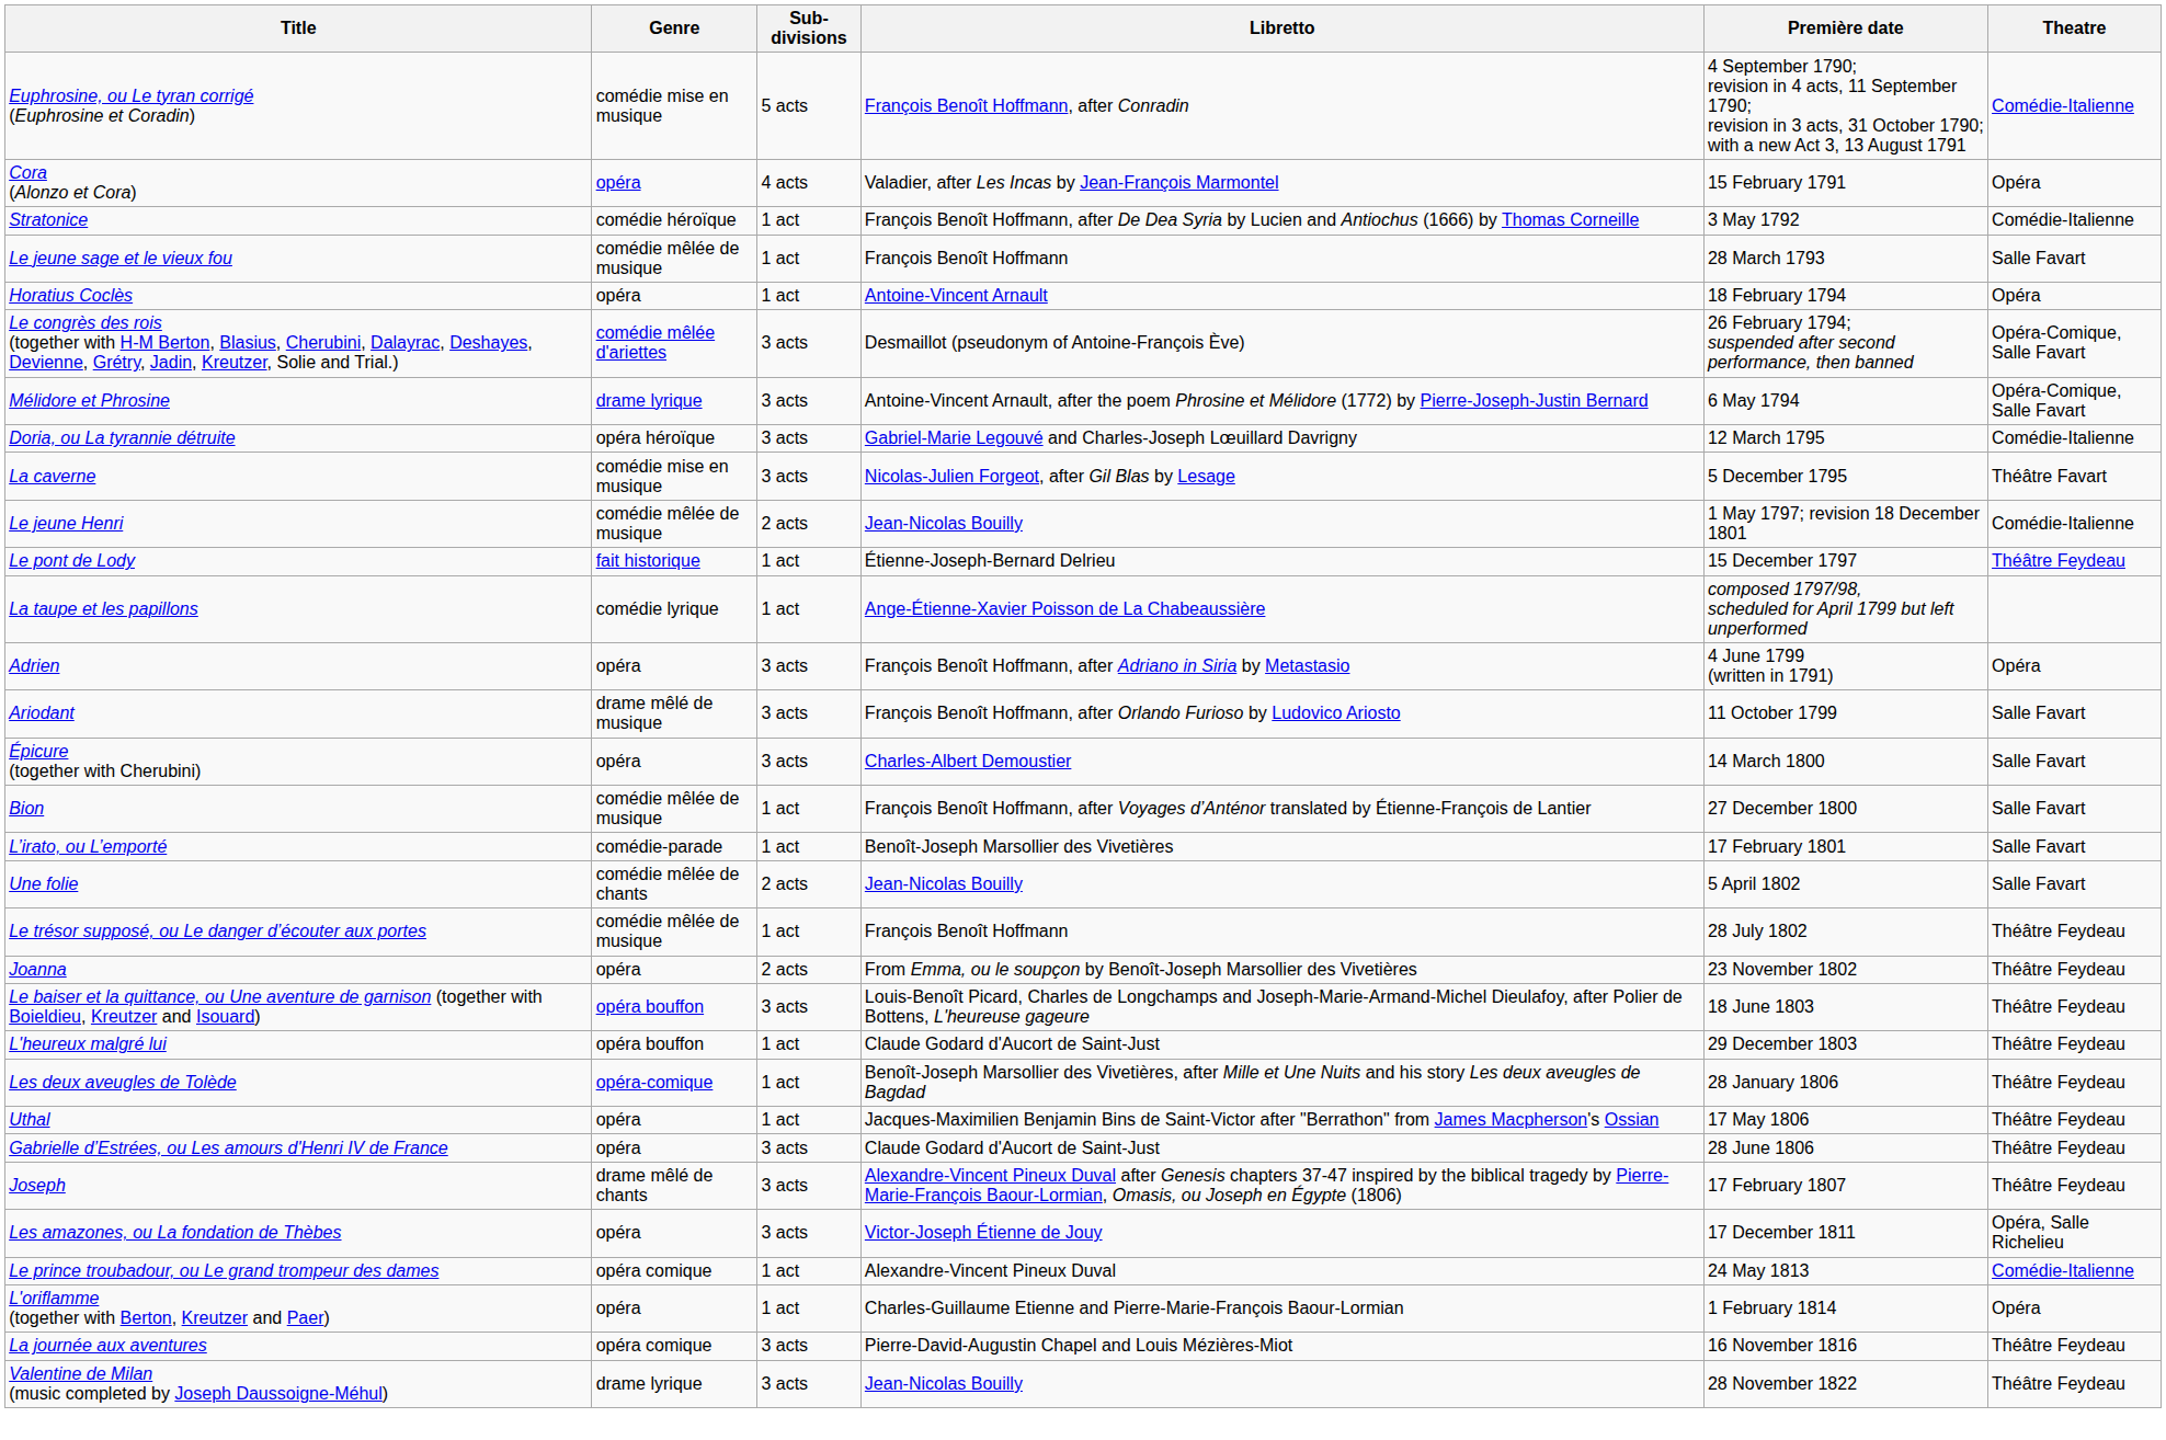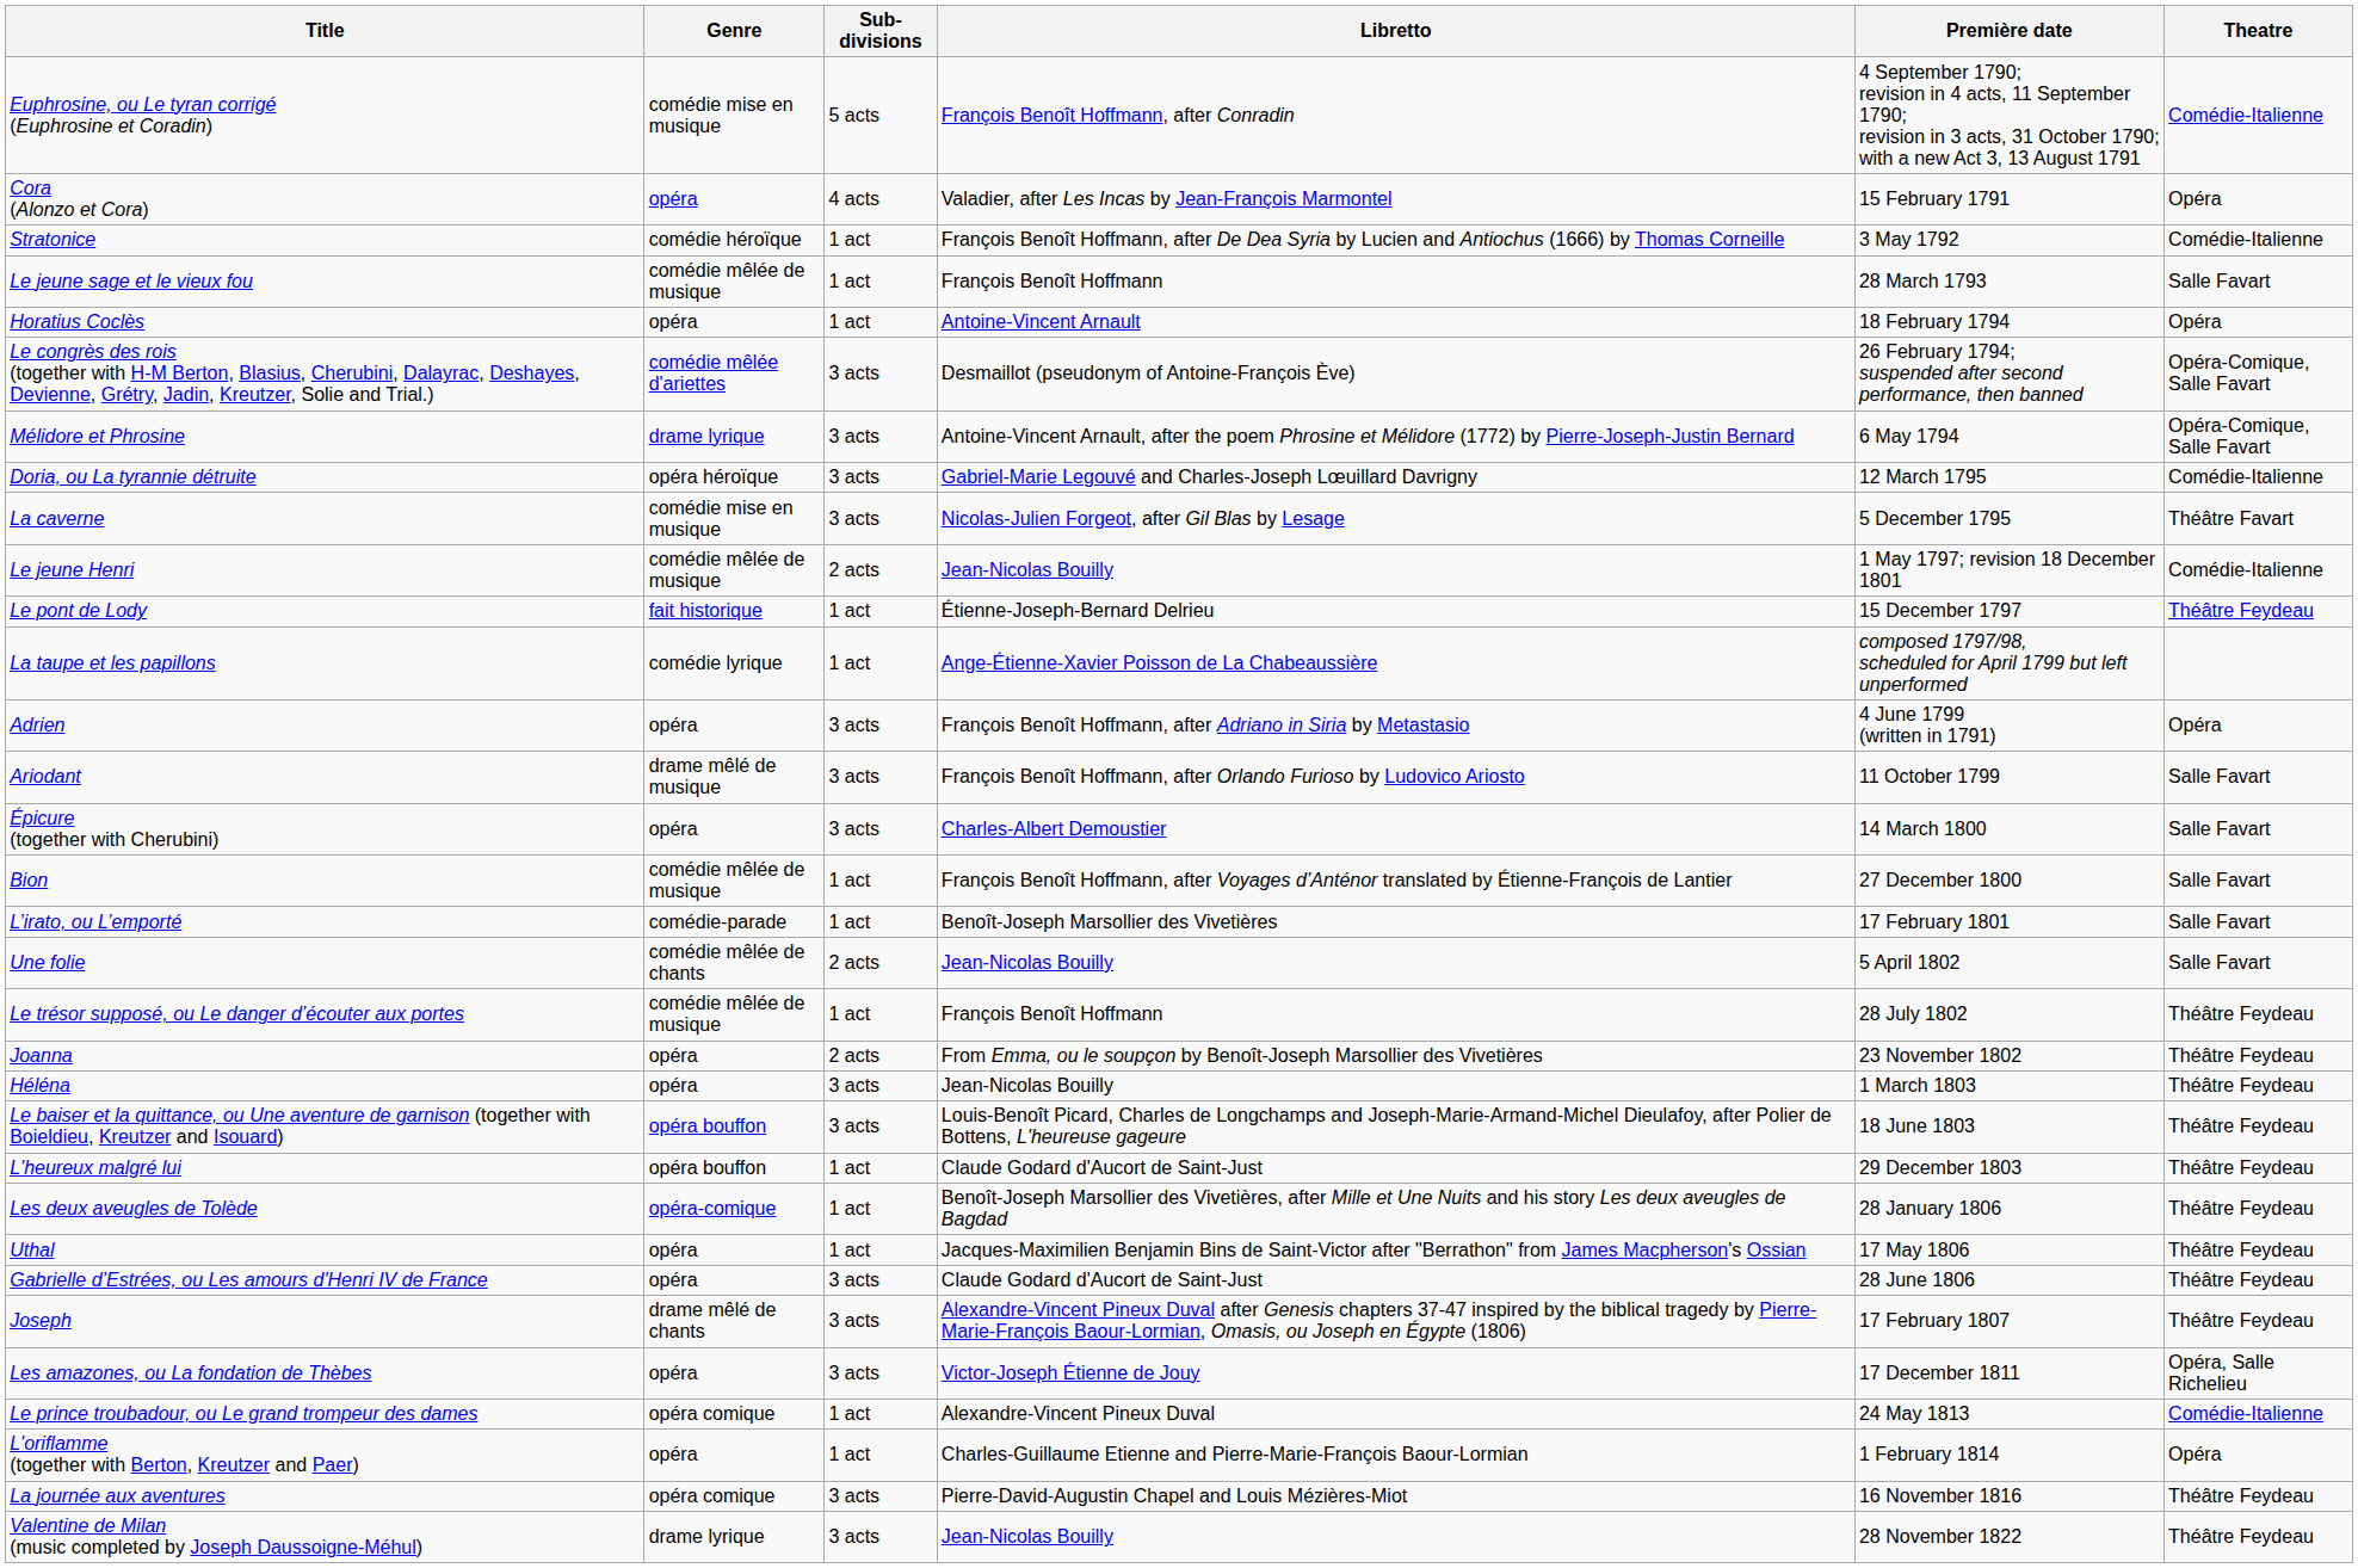 <table class="wikitable sortable">
 <tr>
 <th>Title</th>
 <th>Genre</th>
 <th>Sub­divisions</th>
 <th>Libretto</th>
 <th>Première date</th>
 <th>Theatre</th>
 </tr>
 <tr>
 <td><em><a href='#'>Euphrosine, ou Le tyran corrigé</a></em><br>(<em>Euphrosine et Coradin</em>)</td>
 <td>comédie mise en musique</td>
 <td>5 acts</td>
 <td><a href='#'>François Benoît Hoffmann</a>, after <em>Conradin</em></td>
 <td>4 September 1790;<br>revision in 4 acts, 11 September 1790;<br>revision in 3 acts, 31 October 1790;<br>with a new Act 3, 13 August 1791</td>
 <td><a href='#'>Comédie-Italienne</a></td>
 </tr>
 <tr>
 <td><em><a href='#'>Cora</a></em><br>(<em>Alonzo et Cora</em>)</td>
 <td><a href='#'>opéra</a></td>
 <td>4 acts</td>
 <td>Valadier, after <em>Les Incas</em> by <a href='#'>Jean-François Marmontel</a></td>
 <td>15 February 1791</td>
 <td>Opéra</td>
 </tr>
 <tr>
 <td><em><a href='#'>Stratonice</a></em></td>
 <td>comédie héroïque</td>
 <td>1 act</td>
 <td>François Benoît Hoffmann, after <em>De Dea Syria</em> by Lucien and <em>Antiochus</em> (1666) by <a href='#'>Thomas Corneille</a></td>
 <td>3 May 1792</td>
 <td>Comédie-Italienne</td>
 </tr>
 <tr>
 <td><em><a href='#'>Le jeune sage et le vieux fou</a></em></td>
 <td>comédie mêlée de musique</td>
 <td>1 act</td>
 <td>François Benoît Hoffmann</td>
 <td>28 March 1793</td>
 <td>Salle Favart</td>
 </tr>
 <tr>
 <td><em><a href='#'>Horatius Coclès</a></em></td>
 <td>opéra</td>
 <td>1 act</td>
 <td><a href='#'>Antoine-Vincent Arnault</a></td>
 <td>18 February 1794</td>
 <td>Opéra</td>
 </tr>
 <tr>
 <td><em><a href='#'>Le congrès des rois</a></em><br>(together with <a href='#'>H-M Berton</a>, <a href='#'>Blasius</a>, <a href='#'>Cherubini</a>, <a href='#'>Dalayrac</a>, <a href='#'>Deshayes</a>, <a href='#'>Devienne</a>, <a href='#'>Grétry</a>, <a href='#'>Jadin</a>, <a href='#'>Kreutzer</a>, Solie and Trial.)</td>
 <td><a href='#'>comédie mêlée d'ariettes</a></td>
 <td>3 acts</td>
 <td>Desmaillot (pseudonym of Antoine-François Ève)</td>
 <td>26 February 1794;<br><em>suspended after second performance, then banned</em></td>
 <td>Opéra-Comique, Salle Favart</td>
 </tr>
 <tr>
 <td><em><a href='#'>Mélidore et Phrosine</a></em></td>
 <td><a href='#'>drame lyrique</a></td>
 <td>3 acts</td>
 <td>Antoine-Vincent Arnault, after the poem <em>Phrosine et Mélidore</em> (1772) by <a href='#'>Pierre-Joseph-Justin Bernard</a></td>
 <td>6 May 1794</td>
 <td>Opéra-Comique, Salle Favart</td>
 </tr>
 <tr>
 <td><em><a href='#'>Doria, ou La tyrannie détruite</a></em></td>
 <td>opéra héroïque</td>
 <td>3 acts</td>
 <td><a href='#'>Gabriel-Marie Legouvé</a> and Charles-Joseph Lœuillard Davrigny</td>
 <td>12 March 1795</td>
 <td>Comédie-Italienne</td>
 </tr>
 <tr>
 <td><em><a href='#'>La caverne</a></em></td>
 <td>comédie mise en musique</td>
 <td>3 acts</td>
 <td><a href='#'>Nicolas-Julien Forgeot</a>, after <em>Gil Blas</em> by <a href='#'>Lesage</a></td>
 <td>5 December 1795</td>
 <td>Théâtre Favart</td>
 </tr>
 <tr>
 <td><em><a href='#'>Le jeune Henri</a></em></td>
 <td>comédie mêlée de musique</td>
 <td>2 acts</td>
 <td><a href='#'>Jean-Nicolas Bouilly</a></td>
 <td>1 May 1797; revision 18 December 1801</td>
 <td>Comédie-Italienne</td>
 </tr>
 <tr>
 <td><em><a href='#'>Le pont de Lody</a></em></td>
 <td><a href='#'>fait historique</a></td>
 <td>1 act</td>
 <td>Étienne-Joseph-Bernard Delrieu</td>
 <td>15 December 1797</td>
 <td><a href='#'>Théâtre Feydeau</a></td>
 </tr>
 <tr>
 <td><em><a href='#'>La taupe et les papillons</a></em></td>
 <td>comédie lyrique</td>
 <td>1 act</td>
 <td><a href='#'>Ange-Étienne-Xavier Poisson de La Chabeaussière</a></td>
 <td><em>composed 1797/98,<br>scheduled for April 1799 but left unperformed</em></td>
 <td></td>
 </tr>
 <tr>
 <td><em><a href='#'>Adrien</a></em></td>
 <td>opéra</td>
 <td>3 acts</td>
 <td>François Benoît Hoffmann, after <em><a href='#'>Adriano in Siria</a></em> by <a href='#'>Metastasio</a></td>
 <td>4 June 1799<br>(written in 1791)</td>
 <td>Opéra</td>
 </tr>
 <tr>
 <td><em><a href='#'>Ariodant</a></em></td>
 <td>drame mêlé de musique</td>
 <td>3 acts</td>
 <td>François Benoît Hoffmann, after <em>Orlando Furioso</em> by <a href='#'>Ludovico Ariosto</a></td>
 <td>11 October 1799</td>
 <td>Salle Favart</td>
 </tr>
 <tr>
 <td><em><a href='#'>Épicure</a></em><br>(together with Cherubini)</td>
 <td>opéra</td>
 <td>3 acts</td>
 <td><a href='#'>Charles-Albert Demoustier</a></td>
 <td>14 March 1800</td>
 <td>Salle Favart</td>
 </tr>
 <tr>
 <td><em><a href='#'>Bion</a></em></td>
 <td>comédie mêlée de musique</td>
 <td>1 act</td>
 <td>François Benoît Hoffmann, after <em>Voyages d’Anténor</em> translated by Étienne-François de Lantier</td>
 <td>27 December 1800</td>
 <td>Salle Favart</td>
 </tr>
 <tr>
 <td><em><a href='#'>L’irato, ou L’emporté</a></em></td>
 <td>comédie-parade</td>
 <td>1 act</td>
 <td>Benoît-Joseph Marsollier des Vivetières</td>
 <td>17 February 1801</td>
 <td>Salle Favart</td>
 </tr>
 <tr>
 <td><em><a href='#'>Une folie</a></em></td>
 <td>comédie mêlée de chants</td>
 <td>2 acts</td>
 <td><a href='#'>Jean-Nicolas Bouilly</a></td>
 <td>5 April 1802</td>
 <td>Salle Favart</td>
 </tr>
 <tr>
 <td><em><a href='#'>Le trésor supposé, ou Le danger d’écouter aux portes</a></em></td>
 <td>comédie mêlée de musique</td>
 <td>1 act</td>
 <td>François Benoît Hoffmann</td>
 <td>28 July 1802</td>
 <td>Théâtre Feydeau</td>
 </tr>
 <tr>
 <td><em><a href='#'>Joanna</a></em></td>
 <td>opéra</td>
 <td>2 acts</td>
 <td>From <em>Emma, ou le soupçon</em> by Benoît-Joseph Marsollier des Vivetières</td>
 <td>23 November 1802</td>
 <td>Théâtre Feydeau</td>
 </tr>
 <tr>
+<td><em><a href='#'>Héléna</a></em></td>
+<td>opéra</td>
+<td>3 acts</td>
+<td>Jean-Nicolas Bouilly</td>
+<td>1 March 1803</td>
+<td>Théâtre Feydeau</td>
+</tr>
+<tr>
 <td><em><a href='#'>Le baiser et la quittance, ou Une aventure de garnison</a></em> (together with <a href='#'>Boieldieu</a>, <a href='#'>Kreutzer</a> and <a href='#'>Isouard</a>)</td>
 <td><a href='#'>opéra bouffon</a></td>
 <td>3 acts</td>
 <td>Louis-Benoît Picard, Charles de Longchamps and Joseph-Marie-Armand-Michel Dieulafoy, after Polier de Bottens, <em>L'heureuse gageure</em></td>
 <td>18 June 1803</td>
 <td>Théâtre Feydeau</td>
 </tr>
 <tr>
 <td><em><a href='#'>L'heureux malgré lui</a></em></td>
 <td>opéra bouffon</td>
 <td>1 act</td>
 <td>Claude Godard d'Aucort de Saint-Just</td>
 <td>29 December 1803</td>
 <td>Théâtre Feydeau</td>
 </tr>
 <tr>
 <td><em><a href='#'>Les deux aveugles de Tolède</a></em></td>
 <td><a href='#'>opéra-comique</a></td>
 <td>1 act</td>
 <td>Benoît-Joseph Marsollier des Vivetières, after <em>Mille et Une Nuits</em> and his story <em>Les deux aveugles de Bagdad</em></td>
 <td>28 January 1806</td>
 <td>Théâtre Feydeau</td>
 </tr>
 <tr>
 <td><em><a href='#'>Uthal</a></em></td>
 <td>opéra</td>
 <td>1 act</td>
 <td>Jacques-Maximilien Benjamin Bins de Saint-Victor after "Berrathon" from <a href='#'>James Macpherson</a>'s <a href='#'>Ossian</a></td>
 <td>17 May 1806</td>
 <td>Théâtre Feydeau</td>
 </tr>
 <tr>
 <td><em><a href='#'>Gabrielle d’Estrées, ou Les amours d'Henri IV de France</a></em></td>
 <td>opéra</td>
 <td>3 acts</td>
 <td>Claude Godard d'Aucort de Saint-Just</td>
 <td>28 June 1806</td>
 <td>Théâtre Feydeau</td>
 </tr>
 <tr>
 <td><em><a href='#'>Joseph</a></em></td>
 <td>drame mêlé de chants</td>
 <td>3 acts</td>
 <td><a href='#'>Alexandre-Vincent Pineux Duval</a> after <em>Genesis</em> chapters 37-47 inspired by the biblical tragedy by <a href='#'>Pierre-Marie-François Baour-Lormian</a>, <em>Omasis, ou Joseph en Égypte</em> (1806)</td>
 <td>17 February 1807</td>
 <td>Théâtre Feydeau</td>
 </tr>
 <tr>
 <td><em><a href='#'>Les amazones, ou La fondation de Thèbes</a></em></td>
 <td>opéra</td>
 <td>3 acts</td>
 <td><a href='#'>Victor-Joseph Étienne de Jouy</a></td>
 <td>17 December 1811</td>
 <td>Opéra, Salle Richelieu</td>
 </tr>
 <tr>
 <td><em><a href='#'>Le prince troubadour, ou Le grand trompeur des dames</a></em></td>
 <td>opéra comique</td>
 <td>1 act</td>
 <td>Alexandre-Vincent Pineux Duval</td>
 <td>24 May 1813</td>
 <td><a href='#'>Comédie-Italienne</a></td>
 </tr>
 <tr>
 <td><em><a href='#'>L'oriflamme</a></em><br>(together with <a href='#'>Berton</a>, <a href='#'>Kreutzer</a> and <a href='#'>Paer</a>)</td>
 <td>opéra</td>
 <td>1 act</td>
 <td>Charles-Guillaume Etienne and Pierre-Marie-François Baour-Lormian</td>
 <td> 1 February 1814</td>
 <td>Opéra</td>
 </tr>
 <tr>
 <td><em><a href='#'>La journée aux aventures</a></em></td>
 <td>opéra comique</td>
 <td>3 acts</td>
 <td>Pierre-David-Augustin Chapel and Louis Mézières-Miot</td>
 <td>16 November 1816</td>
 <td>Théâtre Feydeau</td>
 </tr>
 <tr>
 <td><em><a href='#'>Valentine de Milan</a></em><br>(music completed by <a href='#'>Joseph Daussoigne-Méhul</a>)</td>
 <td>drame lyrique</td>
 <td>3 acts</td>
 <td><a href='#'>Jean-Nicolas Bouilly</a></td>
 <td>28 November 1822</td>
 <td>Théâtre Feydeau</td>
 </tr>
 </table>
